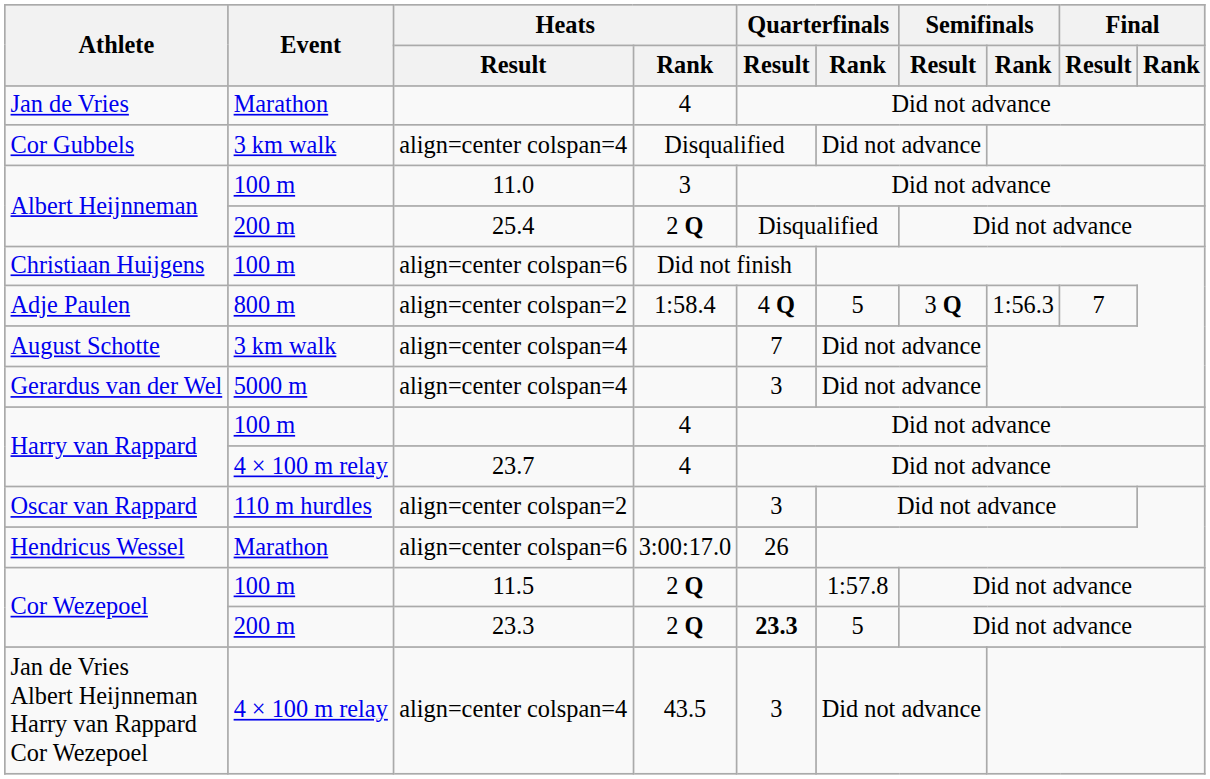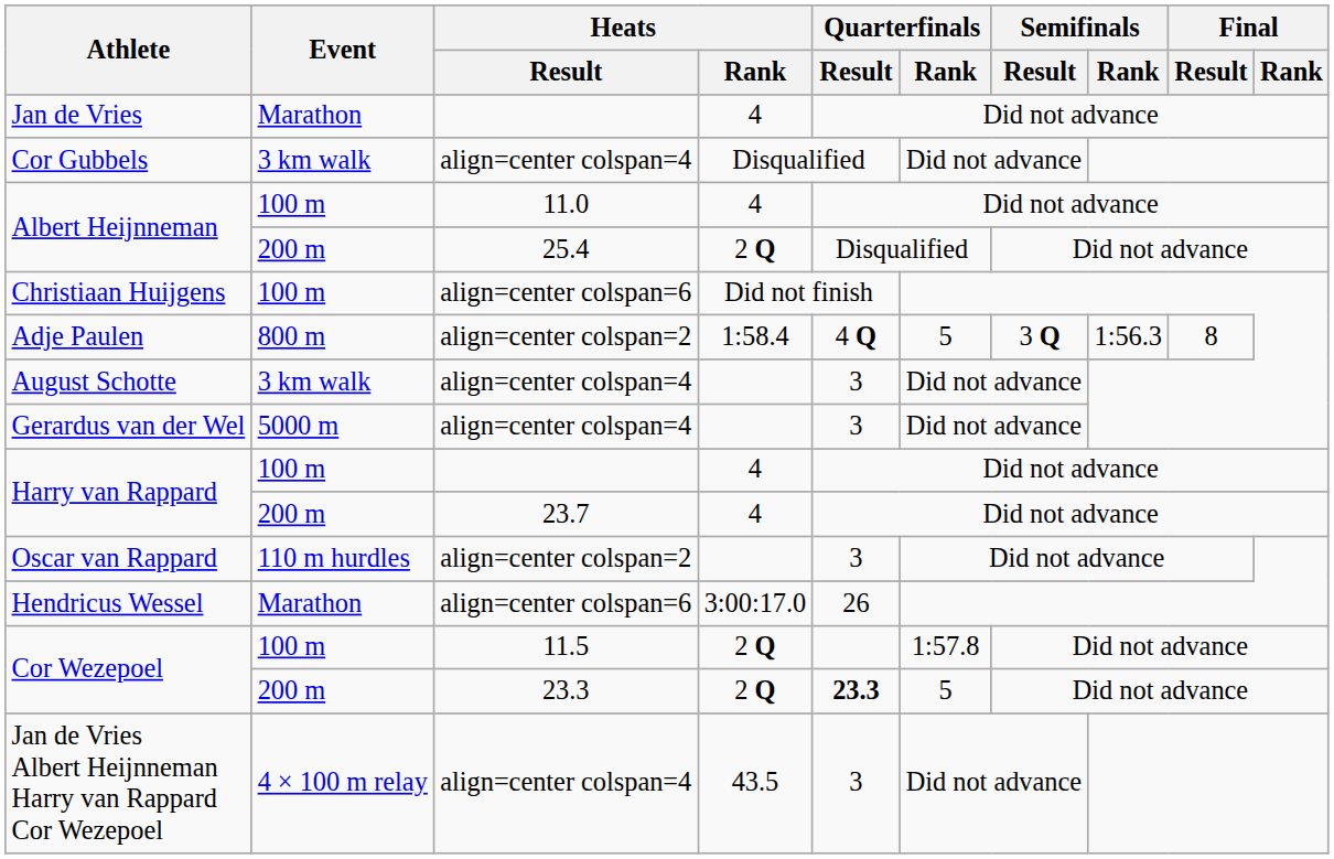 <table class=wikitable style="font-size:90%">
 <tr>
 <th rowspan=2>Athlete</th>
 <th rowspan=2>Event</th>
 <th colspan=2>Heats</th>
 <th colspan=2>Quarterfinals</th>
 <th colspan=2>Semifinals</th>
 <th colspan=2>Final</th>
 </tr>
 <tr>
 <th>Result</th>
 <th>Rank</th>
 <th>Result</th>
 <th>Rank</th>
 <th>Result</th>
 <th>Rank</th>
 <th>Result</th>
 <th>Rank</th>
 </tr>
 <tr>
 <td><a href='#'>Jan de Vries</a></td>
 <td><a href='#'>Marathon</a></td>
 <td align=center></td>
 <td align=center>4</td>
 <td align=center colspan=6>Did not advance</td>
 </tr>
 <tr>
 <td><a href='#'>Cor Gubbels</a></td>
 <td><a href='#'>3 km walk</a></td>
 <td>align=center colspan=4 </td>
 <td align=center colspan=2>Disqualified</td>
 <td align=center colspan=2>Did not advance</td>
 </tr>
 <tr>
 <td rowspan=2><a href='#'>Albert Heijnneman</a></td>
 <td><a href='#'>100 m</a></td>
 <td align=center>11.0</td>
-<td align=center>3</td>
+<td align=center>4</td>
 <td align=center colspan=6>Did not advance</td>
 </tr>
 <tr>
 <td><a href='#'>200 m</a></td>
 <td align=center>25.4</td>
 <td align=center>2 <strong>Q</strong></td>
 <td colspan="2" align="center">Disqualified</td>
 <td align=center colspan=4>Did not advance</td>
 </tr>
 <tr>
 <td><a href='#'>Christiaan Huijgens</a></td>
 <td><a href='#'>100 m</a></td>
 <td>align=center colspan=6 </td>
 <td align=center colspan=2>Did not finish</td>
 </tr>
 <tr>
 <td><a href='#'>Adje Paulen</a></td>
 <td><a href='#'>800 m</a></td>
 <td>align=center colspan=2 </td>
 <td align=center>1:58.4</td>
 <td align=center>4 <strong>Q</strong></td>
 <td align=center>5</td>
 <td align=center>3 <strong>Q</strong></td>
 <td align=center>1:56.3</td>
-<td align=center>7</td>
+<td align=center>8</td>
 </tr>
 <tr>
 <td><a href='#'>August Schotte</a></td>
 <td><a href='#'>3 km walk</a></td>
 <td>align=center colspan=4 </td>
 <td align=center></td>
-<td align=center>7</td>
+<td align=center>3</td>
 <td align=center colspan=2>Did not advance</td>
 </tr>
 <tr>
 <td><a href='#'>Gerardus van der Wel</a></td>
 <td><a href='#'>5000 m</a></td>
 <td>align=center colspan=4 </td>
 <td align=center></td>
 <td align=center>3</td>
 <td align=center colspan=2>Did not advance</td>
 </tr>
 <tr>
 <td rowspan=2><a href='#'>Harry van Rappard</a></td>
 <td><a href='#'>100 m</a></td>
 <td align=center></td>
 <td align=center>4</td>
 <td align=center colspan=6>Did not advance</td>
 </tr>
 <tr>
-<td><a href='#'>4 × 100 m relay</a></td>
+<td><a href='#'>200 m</a></td>
 <td align=center>23.7</td>
 <td align=center>4</td>
 <td align=center colspan=6>Did not advance</td>
 </tr>
 <tr>
 <td><a href='#'>Oscar van Rappard</a></td>
 <td><a href='#'>110 m hurdles</a></td>
 <td>align=center colspan=2 </td>
 <td align=center></td>
 <td align=center>3</td>
 <td align=center colspan=4>Did not advance</td>
 </tr>
 <tr>
 <td><a href='#'>Hendricus Wessel</a></td>
 <td><a href='#'>Marathon</a></td>
 <td>align=center colspan=6 </td>
 <td align=center>3:00:17.0</td>
 <td align=center>26</td>
 </tr>
 <tr>
 <td rowspan=2><a href='#'>Cor Wezepoel</a></td>
 <td><a href='#'>100 m</a></td>
 <td align=center>11.5</td>
 <td align=center>2 <strong>Q</strong></td>
 <td align=center></td>
 <td align=center>1:57.8</td>
 <td align=center colspan=4>Did not advance</td>
 </tr>
 <tr>
 <td><a href='#'>200 m</a></td>
 <td align=center>23.3</td>
 <td align=center>2 <strong>Q</strong></td>
 <td align=center><strong>23.3</strong></td>
 <td align=center>5</td>
 <td align=center colspan=4>Did not advance</td>
 </tr>
 <tr>
 <td>Jan de Vries <br> Albert Heijnneman <br> Harry van Rappard <br> Cor Wezepoel</td>
 <td><a href='#'>4 × 100 m relay</a></td>
 <td>align=center colspan=4 </td>
 <td align=center>43.5</td>
 <td align=center>3</td>
 <td align=center colspan=2>Did not advance</td>
 </tr>
 </table>
